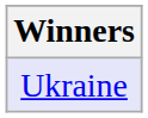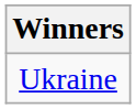 <table class=wikitable style="text-align:center; margin:auto">
 <tr>
 <th>Winners</th>
 </tr>
 <tr>
-<td style="background: lavender;"> <a href='#'>Ukraine</a></td>
+<td> <a href='#'>Ukraine</a></td>
 </tr>
 </table>
